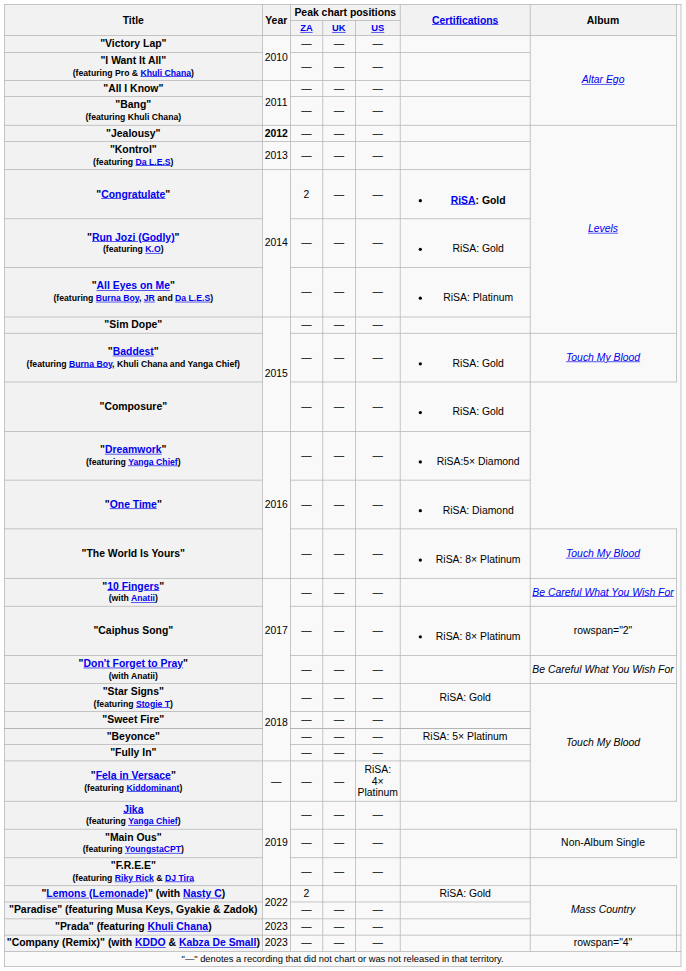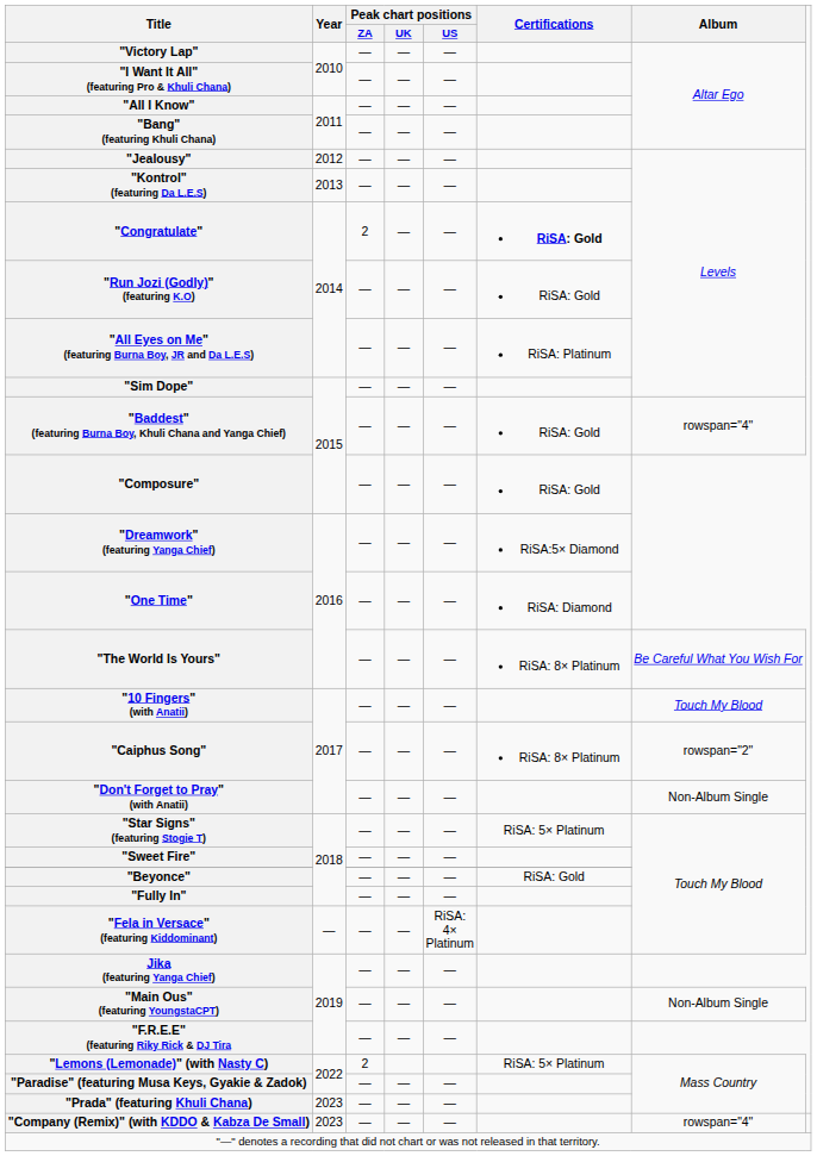 <table class="wikitable plainrowheaders" style="text-align:center;">
 <tr>
 <th scope="col" rowspan="2">Title</th>
 <th scope="col" rowspan="2">Year</th>
 <th scope="col" colspan="3">Peak chart positions</th>
 <th scope="col" rowspan="2" style="width:12em;"><a href='#'>Certifications</a></th>
 <th scope="col" rowspan="2">Album</th>
 </tr>
 <tr>
 <th scope="col" style="width:3em;font-size:90%;"><a href='#'>ZA</a><br></th>
 <th scope="col" style="width:3em;font-size:90%;"><a href='#'>UK</a><br></th>
 <th scope="col" style="width:3em;font-size:90%;"><a href='#'>US</a><br></th>
 </tr>
 <tr>
 <th scope="row">"Victory Lap"</th>
 <td rowspan="2">2010</td>
 <td>—</td>
 <td>—</td>
 <td>—</td>
 <td></td>
 <td rowspan="4"><em><a href='#'>Altar Ego</a></em></td>
 </tr>
 <tr>
 <th scope="row">"I Want It All"<br><small>(featuring Pro & <a href='#'>Khuli Chana</a>)</small></th>
 <td>—</td>
 <td>—</td>
 <td>—</td>
 <td></td>
 </tr>
 <tr>
 <th scope="row">"All I Know"</th>
 <td rowspan="2">2011</td>
 <td>—</td>
 <td>—</td>
 <td>—</td>
 <td></td>
 </tr>
 <tr>
 <th scope="row">"Bang"<br><small>(featuring Khuli Chana)</small></th>
 <td>—</td>
 <td>—</td>
 <td>—</td>
 <td></td>
 </tr>
 <tr>
 <th scope="row">"Jealousy"</th>
-<td><strong>2012</strong></td>
+<td>2012</td>
 <td>—</td>
 <td>—</td>
 <td>—</td>
 <td></td>
 <td rowspan="6"><em><a href='#'>Levels</a></em></td>
 </tr>
 <tr>
 <th scope="row">"Kontrol"<br><small>(featuring <a href='#'>Da L.E.S</a>)</small></th>
 <td>2013</td>
 <td>—</td>
 <td>—</td>
 <td>—</td>
 <td></td>
 </tr>
 <tr>
 <th scope="row">"<a href='#'>Congratulate</a>"</th>
 <td rowspan="3">2014</td>
 <td>2</td>
 <td>—</td>
 <td>—</td>
 <td><strong><br><ul><li><a href='#'>RiSA</a>: Gold</li></ul></strong></td>
 </tr>
 <tr>
 <th scope="row">"<a href='#'>Run Jozi (Godly)</a>"<br><small>(featuring <a href='#'>K.O</a>)</small></th>
 <td>—</td>
 <td>—</td>
 <td>—</td>
 <td><br><ul><li>RiSA: Gold</li></ul></td>
 </tr>
 <tr>
 <th scope="row">"<a href='#'>All Eyes on Me</a>"<br><small>(featuring <a href='#'>Burna Boy</a>, <a href='#'>JR</a> and <a href='#'>Da L.E.S</a>)</small></th>
 <td>—</td>
 <td>—</td>
 <td>—</td>
 <td><br><ul><li>RiSA: Platinum</li></ul></td>
 </tr>
 <tr>
 <th scope="row">"Sim Dope"</th>
 <td rowspan="3">2015</td>
 <td>—</td>
 <td>—</td>
 <td>—</td>
 <td></td>
 </tr>
 <tr>
 <th scope="row">"<a href='#'>Baddest</a>"<br><small>(featuring <a href='#'>Burna Boy</a>, Khuli Chana and Yanga Chief)</small></th>
 <td>—</td>
 <td>—</td>
 <td>—</td>
 <td><br><ul><li>RiSA: Gold</li></ul></td>
-<td><em><a href='#'>Touch My Blood</a></em></td>
+<td>rowspan="4" </td>
 </tr>
 <tr>
 <th scope="row">"Composure"</th>
 <td>—</td>
 <td>—</td>
 <td>—</td>
 <td><br><ul><li>RiSA: Gold</li></ul></td>
 </tr>
 <tr>
 <th scope="row">"<a href='#'>Dreamwork</a>"<br><small>(featuring <a href='#'>Yanga Chief</a>)</small></th>
 <td rowspan="3">2016</td>
 <td>—</td>
 <td>—</td>
 <td>—</td>
 <td><br><ul><li>RiSA:5× Diamond</li></ul></td>
 </tr>
 <tr>
 <th scope="row">"<a href='#'>One Time</a>"</th>
 <td>—</td>
 <td>—</td>
 <td>—</td>
 <td><br><ul><li>RiSA: Diamond</li></ul></td>
 </tr>
 <tr>
 <th scope="row">"The World Is Yours"</th>
 <td>—</td>
 <td>—</td>
 <td>—</td>
 <td><br><ul><li>RiSA: 8× Platinum</li></ul></td>
-<td><em><a href='#'>Touch My Blood</a></em></td>
+<td><em><a href='#'>Be Careful What You Wish For</a></em></td>
 </tr>
 <tr>
 <th scope="row">"<a href='#'>10 Fingers</a>"<br><small>(with <a href='#'>Anatii</a>)</small></th>
 <td rowspan="3">2017</td>
 <td>—</td>
 <td>—</td>
 <td>—</td>
 <td></td>
-<td><em><a href='#'>Be Careful What You Wish For</a></em></td>
+<td><em><a href='#'>Touch My Blood</a></em></td>
 </tr>
 <tr>
 <th scope="row">"Caiphus Song"</th>
 <td>—</td>
 <td>—</td>
 <td>—</td>
 <td><br><ul><li>RiSA: 8× Platinum</li></ul></td>
 <td>rowspan="2" </td>
 </tr>
 <tr>
 <th scope="row">"<a href='#'>Don't Forget to Pray</a>"<br><small>(with Anatii)</small></th>
 <td>—</td>
 <td>—</td>
 <td>—</td>
 <td></td>
-<td><em>Be Careful What You Wish For</em></td>
+<td>Non-Album Single</td>
 </tr>
 <tr>
 <th scope="row">"Star Signs"<br><small>(featuring <a href='#'>Stogie T</a>)</small></th>
 <td rowspan="5">2018</td>
 <td>—</td>
 <td>—</td>
 <td>—</td>
-<td>RiSA: Gold</td>
+<td>RiSA: 5× Platinum</td>
 <td rowspan="6"><em>Touch My Blood</em></td>
 </tr>
 <tr>
 <th scope="row">"Sweet Fire"</th>
 <td>—</td>
 <td>—</td>
 <td>—</td>
 <td></td>
 </tr>
 <tr>
 </tr>
 <tr>
 <th scope="row">"Beyonce"</th>
 <td>—</td>
 <td>—</td>
 <td>—</td>
-<td>RiSA: 5× Platinum</td>
+<td>RiSA: Gold</td>
 </tr>
 <tr>
 <th scope="row">"Fully In"</th>
 <td>—</td>
 <td>—</td>
 <td>—</td>
 <td></td>
 </tr>
 <tr>
 <th scope="row">"<a href='#'>Fela in Versace</a>"<br><small>(featuring <a href='#'>Kiddominant</a>)</small></th>
 <td>—</td>
 <td>—</td>
 <td>—</td>
 <td>RiSA: 4× Platinum</td>
 </tr>
 <tr>
 <th scope="row"><a href='#'>Jika</a><br> <small>(featuring <a href='#'>Yanga Chief</a>)</small></th>
 <td rowspan=3>2019</td>
 <td>—</td>
 <td>—</td>
 <td>—</td>
 <td></td>
 </tr>
 <tr>
 <th scope="row">"Main Ous"<br><small>(featuring <a href='#'>YoungstaCPT</a>)</small></th>
 <td>—</td>
 <td>—</td>
 <td>—</td>
 <td></td>
 <td>Non-Album Single</td>
 </tr>
 <tr>
 <th scope="row">"F.R.E.E"<br><small> (featuring <a href='#'>Riky Rick</a> & <a href='#'>DJ Tira</a></small></th>
 <td>—</td>
 <td>—</td>
 <td>—</td>
 <td></td>
 </tr>
 <tr>
 <th scope="row">"<a href='#'>Lemons (Lemonade)</a>" (with <a href='#'>Nasty C</a>)</th>
 <td rowspan="2">2022</td>
 <td>2</td>
 <td></td>
 <td></td>
-<td>RiSA: Gold</td>
+<td>RiSA: 5× Platinum</td>
 <td rowspan="3"><em>Mass Country</em></td>
 </tr>
 <tr>
 <th scope="row">"Paradise" (featuring Musa Keys, Gyakie & Zadok)</th>
 <td>—</td>
 <td>—</td>
 <td>—</td>
 <td></td>
 </tr>
 <tr>
 <th scope="row">"Prada" (featuring <a href='#'>Khuli Chana</a>)</th>
 <td rowspan=>2023</td>
 <td>—</td>
 <td>—</td>
 <td>—</td>
 <td></td>
 </tr>
 <tr>
 <th scope="row">"Company (Remix)" (with <a href='#'>KDDO</a> & <a href='#'>Kabza De Small</a>)</th>
 <td rowspan=>2023</td>
 <td>—</td>
 <td>—</td>
 <td>—</td>
 <td></td>
 <td>rowspan="4" </td>
 <td></td>
 </tr>
 <tr>
 <td colspan="8" style="font-size:90%">"—" denotes a recording that did not chart or was not released in that territory.</td>
 </tr>
 </table>
